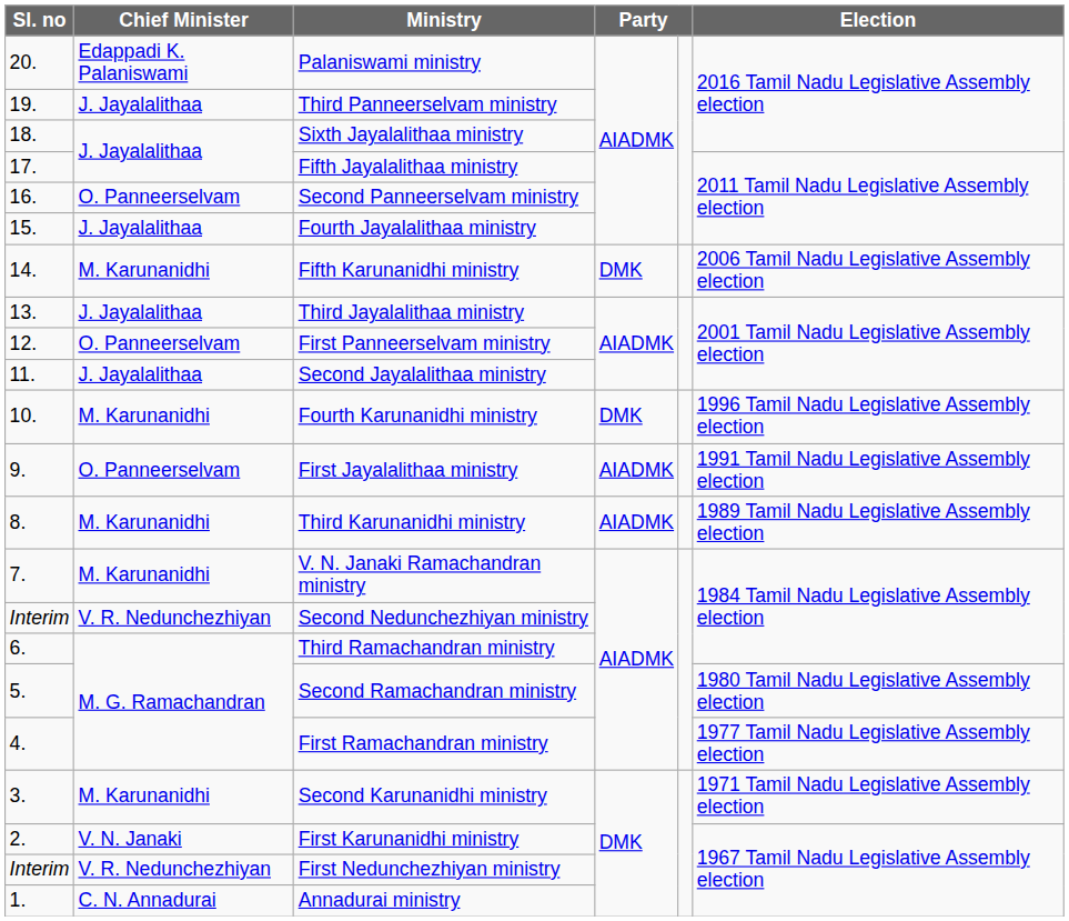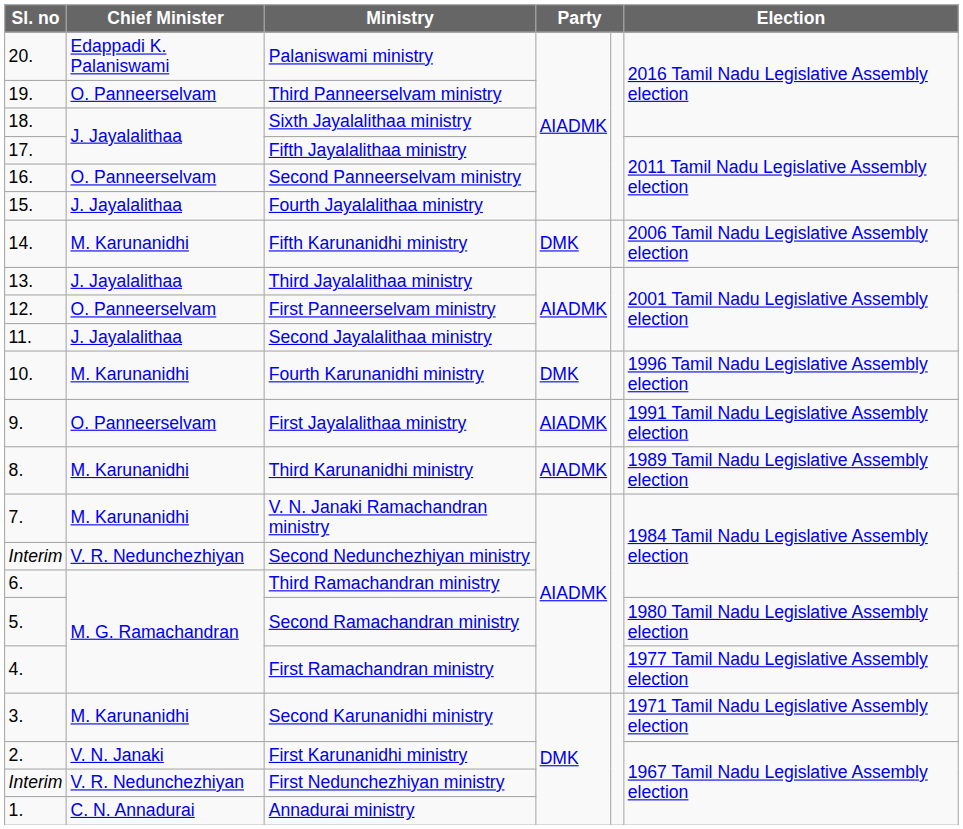 <table class="wikitable plainrowheaders sortable" style="font-size:100%; text-align:left;">
 <tr>
 <th style="background-color:#666666; color:white">Sl. no</th>
 <th style="background-color:#666666; color:white">Chief Minister</th>
 <th style="background-color:#666666; color:white">Ministry</th>
 <th style="background-color:#666666; color:white" colspan="2">Party</th>
 <th style="background-color:#666666; color:white">Election</th>
 </tr>
 <tr>
 <td>20.</td>
 <td><a href='#'>Edappadi K. Palaniswami</a></td>
 <td><a href='#'>Palaniswami ministry</a></td>
 <td rowspan=6><a href='#'>AIADMK</a></td>
 <td rowspan=6 width="4px" style="background-color: "></td>
 <td rowspan=3><a href='#'>2016 Tamil Nadu Legislative Assembly election</a></td>
 </tr>
 <tr>
 <td>19.</td>
-<td><a href='#'>J. Jayalalithaa</a></td>
+<td><a href='#'>O. Panneerselvam</a></td>
 <td><a href='#'>Third Panneerselvam ministry</a></td>
 </tr>
 <tr>
 <td>18.</td>
 <td rowspan=2><a href='#'>J. Jayalalithaa</a></td>
 <td><a href='#'>Sixth Jayalalithaa ministry</a></td>
 </tr>
 <tr>
 <td>17.</td>
 <td><a href='#'>Fifth Jayalalithaa ministry</a></td>
 <td rowspan=3><a href='#'>2011 Tamil Nadu Legislative Assembly election</a></td>
 </tr>
 <tr>
 <td>16.</td>
 <td><a href='#'>O. Panneerselvam</a></td>
 <td><a href='#'>Second Panneerselvam ministry</a></td>
 </tr>
 <tr>
 <td>15.</td>
 <td><a href='#'>J. Jayalalithaa</a></td>
 <td><a href='#'>Fourth Jayalalithaa ministry</a></td>
 </tr>
 <tr>
 <td>14.</td>
 <td><a href='#'>M. Karunanidhi</a></td>
 <td><a href='#'>Fifth Karunanidhi ministry</a></td>
 <td><a href='#'>DMK</a></td>
 <td width="4px" style="background-color: "></td>
 <td><a href='#'>2006 Tamil Nadu Legislative Assembly election</a></td>
 </tr>
 <tr>
 <td>13.</td>
 <td><a href='#'>J. Jayalalithaa</a></td>
 <td><a href='#'>Third Jayalalithaa ministry</a></td>
 <td rowspan=3><a href='#'>AIADMK</a></td>
 <td rowspan=3 width="4px" style="background-color: "></td>
 <td rowspan=3><a href='#'>2001 Tamil Nadu Legislative Assembly election</a></td>
 </tr>
 <tr>
 <td>12.</td>
 <td><a href='#'>O. Panneerselvam</a></td>
 <td><a href='#'>First Panneerselvam ministry</a></td>
 </tr>
 <tr>
 <td>11.</td>
 <td><a href='#'>J. Jayalalithaa</a></td>
 <td><a href='#'>Second Jayalalithaa ministry</a></td>
 </tr>
 <tr>
 <td>10.</td>
 <td><a href='#'>M. Karunanidhi</a></td>
 <td><a href='#'>Fourth Karunanidhi ministry</a></td>
 <td><a href='#'>DMK</a></td>
 <td width="4px" style="background-color: "></td>
 <td><a href='#'>1996 Tamil Nadu Legislative Assembly election</a></td>
 </tr>
 <tr>
 <td>9.</td>
 <td><a href='#'>O. Panneerselvam</a></td>
 <td><a href='#'>First Jayalalithaa ministry</a></td>
 <td><a href='#'>AIADMK</a></td>
 <td width="4px" style="background-color: "></td>
 <td><a href='#'>1991 Tamil Nadu Legislative Assembly election</a></td>
 </tr>
 <tr>
 <td>8.</td>
 <td><a href='#'>M. Karunanidhi</a></td>
 <td><a href='#'>Third Karunanidhi ministry</a></td>
 <td><a href='#'>AIADMK</a></td>
 <td width="4px" style="background-color: "></td>
 <td><a href='#'>1989 Tamil Nadu Legislative Assembly election</a></td>
 </tr>
 <tr>
 <td>7.</td>
 <td><a href='#'>M. Karunanidhi</a></td>
 <td><a href='#'>V. N. Janaki Ramachandran ministry</a></td>
 <td rowspan=5><a href='#'>AIADMK</a></td>
 <td rowspan=5 width="4px" style="background-color: "></td>
 <td rowspan=3><a href='#'>1984 Tamil Nadu Legislative Assembly election</a></td>
 </tr>
 <tr>
 <td><em>Interim</em></td>
 <td><a href='#'>V. R. Nedunchezhiyan</a></td>
 <td><a href='#'>Second Nedunchezhiyan ministry</a></td>
 </tr>
 <tr>
 <td>6.</td>
 <td rowspan=3><a href='#'>M. G. Ramachandran</a></td>
 <td><a href='#'>Third Ramachandran ministry</a></td>
 </tr>
 <tr>
 <td>5.</td>
 <td><a href='#'>Second Ramachandran ministry</a></td>
 <td><a href='#'>1980 Tamil Nadu Legislative Assembly election</a></td>
 </tr>
 <tr>
 <td>4.</td>
 <td><a href='#'>First Ramachandran ministry</a></td>
 <td><a href='#'>1977 Tamil Nadu Legislative Assembly election</a></td>
 </tr>
 <tr>
 <td>3.</td>
 <td><a href='#'>M. Karunanidhi</a></td>
 <td><a href='#'>Second Karunanidhi ministry</a></td>
 <td rowspan=4><a href='#'>DMK</a></td>
 <td rowspan=4 width="4px" style="background-color: "></td>
 <td><a href='#'>1971 Tamil Nadu Legislative Assembly election</a></td>
 </tr>
 <tr>
 <td>2.</td>
 <td><a href='#'>V. N. Janaki</a></td>
 <td><a href='#'>First Karunanidhi ministry</a></td>
 <td rowspan=3><a href='#'>1967 Tamil Nadu Legislative Assembly election</a></td>
 </tr>
 <tr>
 <td><em>Interim</em></td>
 <td><a href='#'>V. R. Nedunchezhiyan</a></td>
 <td><a href='#'>First Nedunchezhiyan ministry</a></td>
 </tr>
 <tr>
 <td>1.</td>
 <td><a href='#'>C. N. Annadurai</a></td>
 <td><a href='#'>Annadurai ministry</a></td>
 </tr>
 </table>
